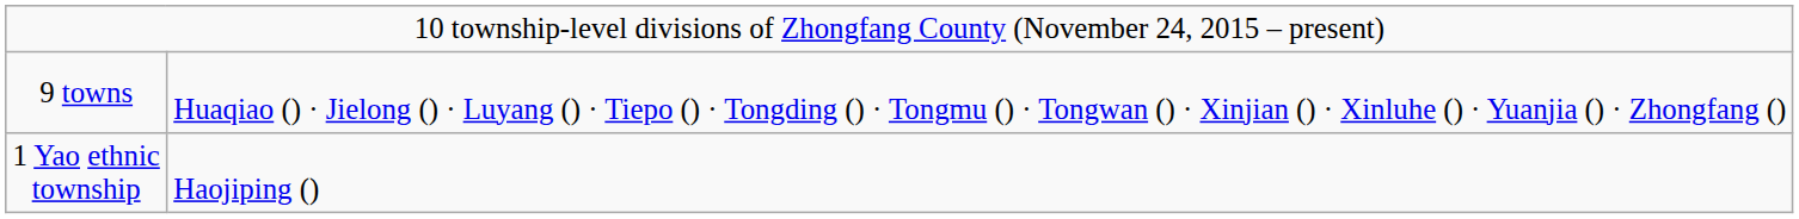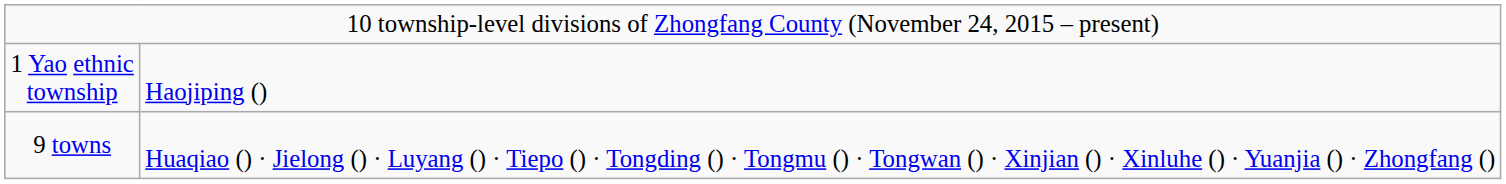 <table class="wikitable">
 <tr>
 <td style="text-align:center;" colspan="2">10 township-level divisions of <a href='#'>Zhongfang County</a> (November 24, 2015 – present)</td>
 </tr>
 <tr align=left>
+<td align=center>1 <a href='#'>Yao</a> <a href='#'>ethnic <br>township</a></td>
+<td><br><a href='#'>Haojiping</a> ()</td>
+</tr>
+<tr align=left>
 <td align=center>9 <a href='#'>towns</a></td>
 <td><br><a href='#'>Huaqiao</a> () · <a href='#'>Jielong</a> () · <a href='#'>Luyang</a> () · <a href='#'>Tiepo</a> () · <a href='#'>Tongding</a> () · <a href='#'>Tongmu</a> () · <a href='#'>Tongwan</a> () · <a href='#'>Xinjian</a> () · <a href='#'>Xinluhe</a> () · <a href='#'>Yuanjia</a> () · <a href='#'>Zhongfang</a> ()</td>
 </tr>
-<tr align=left>
-<td align=center>1 <a href='#'>Yao</a> <a href='#'>ethnic <br>township</a></td>
-<td><br><a href='#'>Haojiping</a> ()</td>
-</tr>
 </table>
